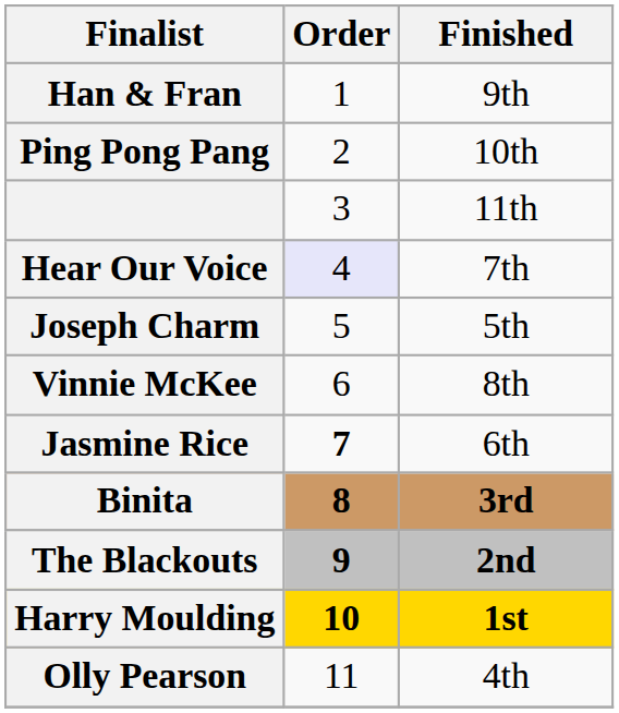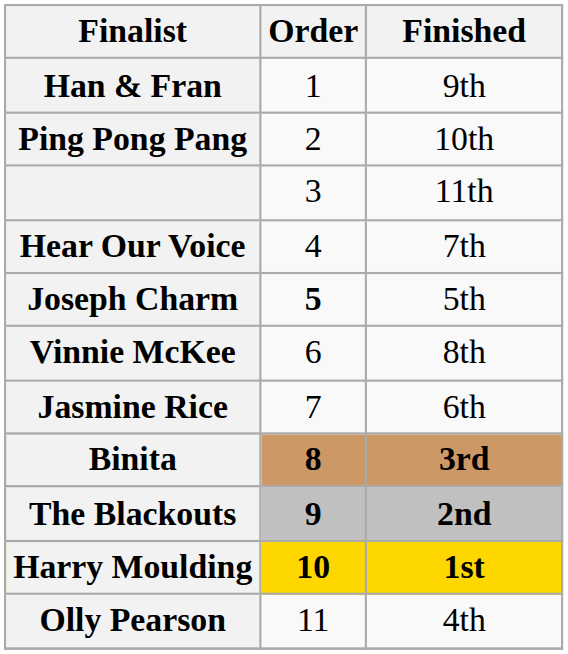 <table class="wikitable sortable plainrowheaders" style="text-align:center; width:30%;">
 <tr>
 <th class="unsortable" style="width:15em;">Finalist</th>
 <th data-sort-type="number" style="width:1em;">Order</th>
 <th data-sort-type="number" style="width:10em;">Finished</th>
 </tr>
 <tr>
 <th scope="row">Han & Fran</th>
 <td>1</td>
 <td>9th</td>
 </tr>
 <tr>
 <th scope="row">Ping Pong Pang</th>
 <td>2</td>
 <td>10th</td>
 </tr>
 <tr>
 <th scope="row"></th>
 <td>3</td>
 <td>11th</td>
 </tr>
 <tr>
 <th scope="row">Hear Our Voice</th>
-<td style="background: lavender;">4</td>
+<td>4</td>
 <td>7th</td>
 </tr>
 <tr>
 <th scope="row">Joseph Charm</th>
-<td>5</td>
+<td><strong>5</strong></td>
 <td>5th</td>
 </tr>
 <tr>
 <th scope="row">Vinnie McKee</th>
 <td>6</td>
 <td>8th</td>
 </tr>
 <tr>
 <th scope="row">Jasmine Rice</th>
-<td><strong>7</strong></td>
+<td>7</td>
 <td>6th</td>
 </tr>
 <tr bgcolor=#c96>
 <th scope="row"><strong>Binita</strong></th>
 <td><strong>8</strong></td>
 <td><strong>3rd</strong></td>
 </tr>
 <tr bgcolor=silver>
 <th scope="row"><strong>The Blackouts</strong></th>
 <td><strong>9</strong></td>
 <td><strong>2nd</strong></td>
 </tr>
 <tr bgcolor=gold>
 <th scope="row"><strong>Harry Moulding</strong></th>
 <td><strong>10</strong></td>
 <td><strong>1st</strong></td>
 </tr>
 <tr>
 <th scope="row">Olly Pearson</th>
 <td>11</td>
 <td>4th</td>
 </tr>
 <tr>
 </tr>
 </table>
